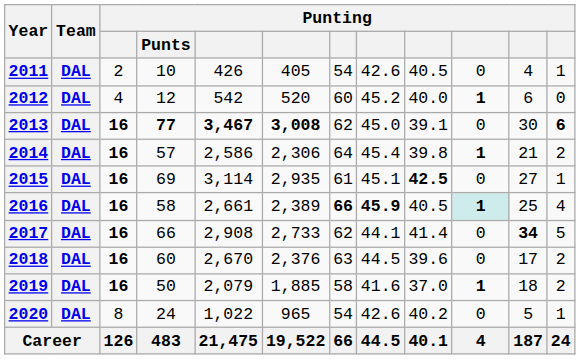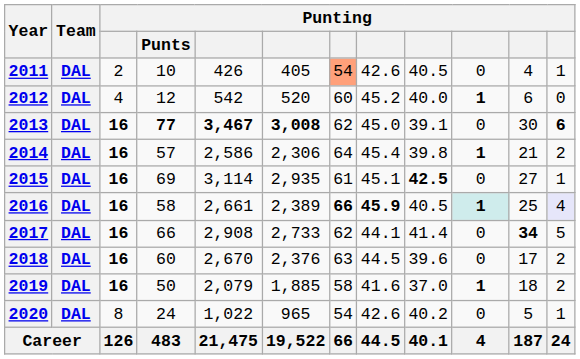 <table class=wikitable style="text-align:center;">
 <tr>
 <th rowspan="2">Year</th>
 <th rowspan="2">Team</th>
 <th colspan="10">Punting</th>
 </tr>
 <tr>
 <th></th>
 <th>Punts</th>
 <th></th>
 <th></th>
 <th></th>
 <th></th>
 <th></th>
 <th></th>
 <th></th>
 <th></th>
 </tr>
 <tr>
 <th><a href='#'>2011</a></th>
 <th><a href='#'>DAL</a></th>
 <td>2</td>
 <td>10</td>
 <td>426</td>
 <td>405</td>
-<td>54</td>
+<td style="background: lightsalmon;">54</td>
 <td>42.6</td>
 <td>40.5</td>
 <td>0</td>
 <td>4</td>
 <td>1</td>
 </tr>
 <tr>
 <th><a href='#'>2012</a></th>
 <th><a href='#'>DAL</a></th>
 <td>4</td>
 <td>12</td>
 <td>542</td>
 <td>520</td>
 <td>60</td>
 <td>45.2</td>
 <td>40.0</td>
 <td><strong>1</strong></td>
 <td>6</td>
 <td>0</td>
 </tr>
 <tr>
 <th><a href='#'>2013</a></th>
 <th><a href='#'>DAL</a></th>
 <td><strong>16</strong></td>
 <td><strong>77</strong></td>
 <td><strong>3,467</strong></td>
 <td><strong>3,008</strong></td>
 <td>62</td>
 <td>45.0</td>
 <td>39.1</td>
 <td>0</td>
 <td>30</td>
 <td><strong>6</strong></td>
 </tr>
 <tr>
 <th><a href='#'>2014</a></th>
 <th><a href='#'>DAL</a></th>
 <td><strong>16</strong></td>
 <td>57</td>
 <td>2,586</td>
 <td>2,306</td>
 <td>64</td>
 <td>45.4</td>
 <td>39.8</td>
 <td><strong>1</strong></td>
 <td>21</td>
 <td>2</td>
 </tr>
 <tr>
 <th><a href='#'>2015</a></th>
 <th><a href='#'>DAL</a></th>
 <td><strong>16</strong></td>
 <td>69</td>
 <td>3,114</td>
 <td>2,935</td>
 <td>61</td>
 <td>45.1</td>
 <td><strong>42.5</strong></td>
 <td>0</td>
 <td>27</td>
 <td>1</td>
 </tr>
 <tr>
 <th><a href='#'>2016</a></th>
 <th><a href='#'>DAL</a></th>
 <td><strong>16</strong></td>
 <td>58</td>
 <td>2,661</td>
 <td>2,389</td>
 <td><strong>66</strong></td>
 <td><strong>45.9</strong></td>
 <td>40.5</td>
 <td style="background:#cfecec; width:3em;"><strong>1</strong></td>
 <td>25</td>
-<td>4</td>
+<td style="background: lavender;">4</td>
 </tr>
 <tr>
 <th><a href='#'>2017</a></th>
 <th><a href='#'>DAL</a></th>
 <td><strong>16</strong></td>
 <td>66</td>
 <td>2,908</td>
 <td>2,733</td>
 <td>62</td>
 <td>44.1</td>
 <td>41.4</td>
 <td>0</td>
 <td><strong>34</strong></td>
 <td>5</td>
 </tr>
 <tr>
 <th><a href='#'>2018</a></th>
 <th><a href='#'>DAL</a></th>
 <td><strong>16</strong></td>
 <td>60</td>
 <td>2,670</td>
 <td>2,376</td>
 <td>63</td>
 <td>44.5</td>
 <td>39.6</td>
 <td>0</td>
 <td>17</td>
 <td>2</td>
 </tr>
 <tr>
 <th><a href='#'>2019</a></th>
 <th><a href='#'>DAL</a></th>
 <td><strong>16</strong></td>
 <td>50</td>
 <td>2,079</td>
 <td>1,885</td>
 <td>58</td>
 <td>41.6</td>
 <td>37.0</td>
 <td><strong>1</strong></td>
 <td>18</td>
 <td>2</td>
 </tr>
 <tr>
 <th><a href='#'>2020</a></th>
 <th><a href='#'>DAL</a></th>
 <td>8</td>
 <td>24</td>
 <td>1,022</td>
 <td>965</td>
 <td>54</td>
 <td>42.6</td>
 <td>40.2</td>
 <td>0</td>
 <td>5</td>
 <td>1</td>
 </tr>
 <tr>
 <th colspan="2">Career</th>
 <th>126</th>
 <th>483</th>
 <th>21,475</th>
 <th>19,522</th>
 <th>66</th>
 <th>44.5</th>
 <th>40.1</th>
 <th>4</th>
 <th>187</th>
 <th>24</th>
 </tr>
 </table>
